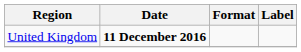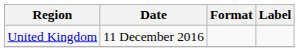 <table class=wikitable>
 <tr>
 <th>Region</th>
 <th>Date</th>
 <th>Format</th>
 <th>Label</th>
 </tr>
 <tr>
 <td><a href='#'>United Kingdom</a></td>
-<td><strong>11 December 2016</strong></td>
+<td>11 December 2016</td>
 <td></td>
 <td></td>
 </tr>
 <tr>
 </tr>
 </table>
